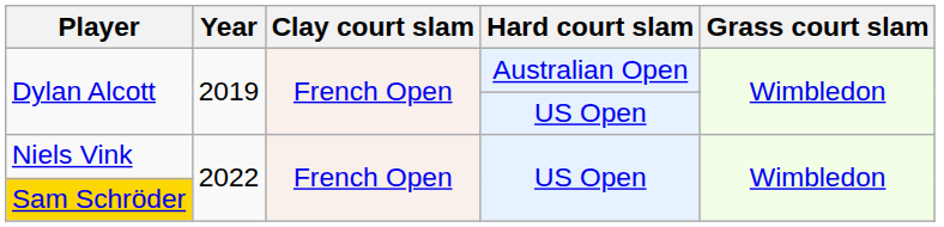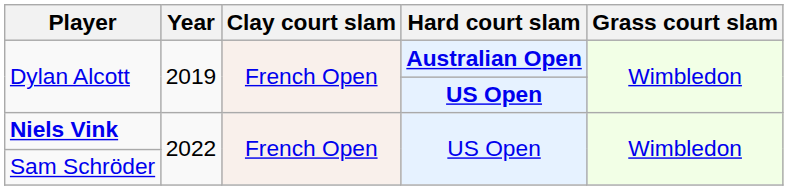 <table class="wikitable sortable" style="text-align:center;">
 <tr>
 <th>Player</th>
 <th>Year</th>
 <th>Clay court slam</th>
 <th>Hard court slam</th>
 <th>Grass court slam</th>
 </tr>
 <tr>
 <td rowspan="2" align="left"> <a href='#'>Dylan Alcott</a></td>
 <td rowspan="2">2019</td>
 <td rowspan="2" style="background: #f9f0eb;"><a href='#'>French Open</a></td>
-<td style="background: #e6f2ff;"><a href='#'>Australian Open</a></td>
+<td style="background: #e6f2ff;"><strong><a href='#'>Australian Open</a></strong></td>
 <td rowspan="2" style="background: #f2ffe6;"><a href='#'>Wimbledon</a></td>
 </tr>
 <tr>
-<td style="background: #e6f2ff;"><a href='#'>US Open</a></td>
+<td style="background: #e6f2ff;"><strong><a href='#'>US Open</a></strong></td>
 </tr>
 <tr>
-<td align="left"> <a href='#'>Niels Vink</a></td>
+<td align="left"><strong> <a href='#'>Niels Vink</a></strong></td>
 <td rowspan="2">2022</td>
 <td rowspan="2" style="background: #f9f0eb;"><a href='#'>French Open</a></td>
 <td rowspan="2" style="background: #e6f2ff;"><a href='#'>US Open</a></td>
 <td rowspan="2" style="background: #f2ffe6;"><a href='#'>Wimbledon</a></td>
 </tr>
 <tr>
-<td align="left" style="background: gold;"> <a href='#'>Sam Schröder</a></td>
+<td align="left"> <a href='#'>Sam Schröder</a></td>
 </tr>
 </table>
